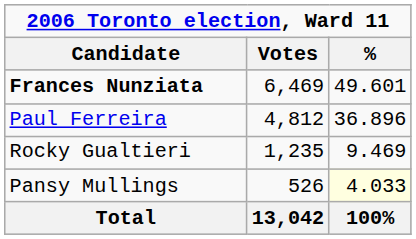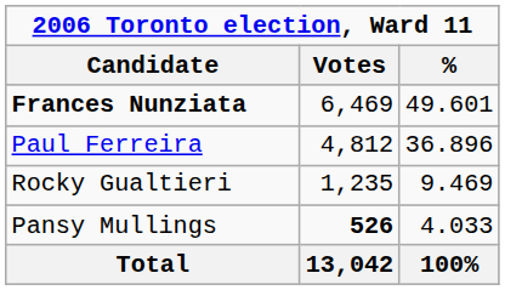 <table class="wikitable" style="margin-bottom:0;">
 <tr>
 <td Colspan="3" align="center"><strong><a href='#'>2006 Toronto election</a>, Ward 11</strong></td>
 </tr>
 <tr>
 <th bgcolor="#DDDDFF" width="150px">Candidate</th>
 <th bgcolor="#DDDDFF">Votes</th>
 <th bgcolor="#DDDDFF">%</th>
 </tr>
 <tr>
 <td><strong>Frances Nunziata</strong></td>
 <td align=right>6,469</td>
 <td align=right>49.601</td>
 </tr>
 <tr>
 <td><a href='#'>Paul Ferreira</a></td>
 <td align=right>4,812</td>
 <td align=right>36.896</td>
 </tr>
 <tr>
 <td>Rocky Gualtieri</td>
 <td align=right>1,235</td>
 <td align=right>9.469</td>
 </tr>
 <tr>
 <td>Pansy Mullings</td>
-<td align=right>526</td>
-<td align=right style="background: lightyellow;">4.033</td>
+<td align=right><strong>526</strong></td>
+<td align=right>4.033</td>
 </tr>
 <tr>
 <th>Total</th>
 <th align=right>13,042</th>
 <th align=right>100%</th>
 </tr>
 </table>
